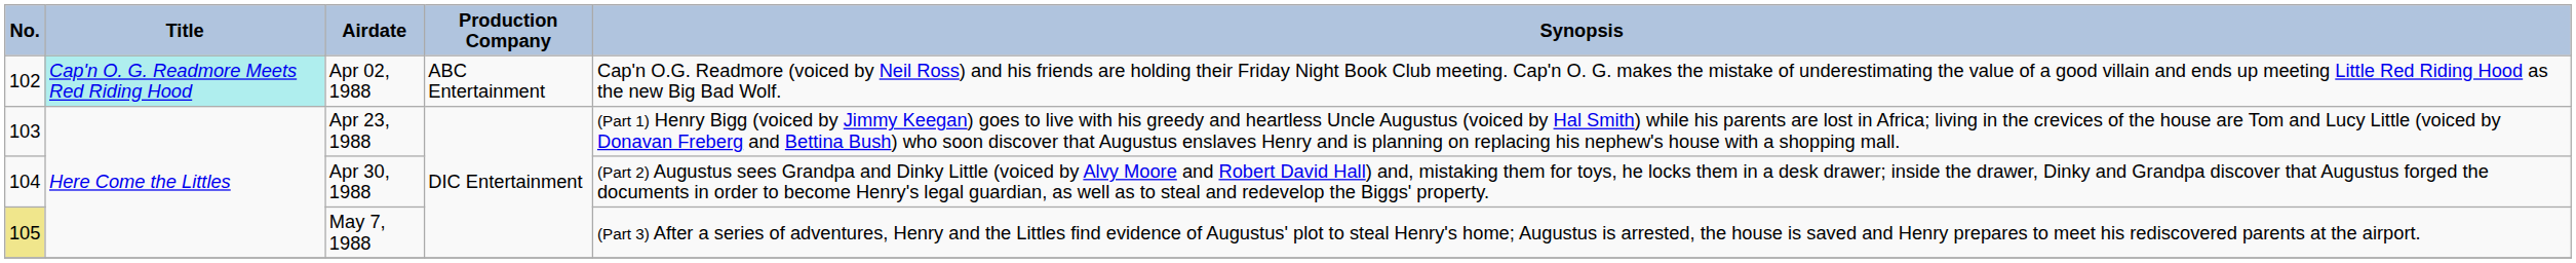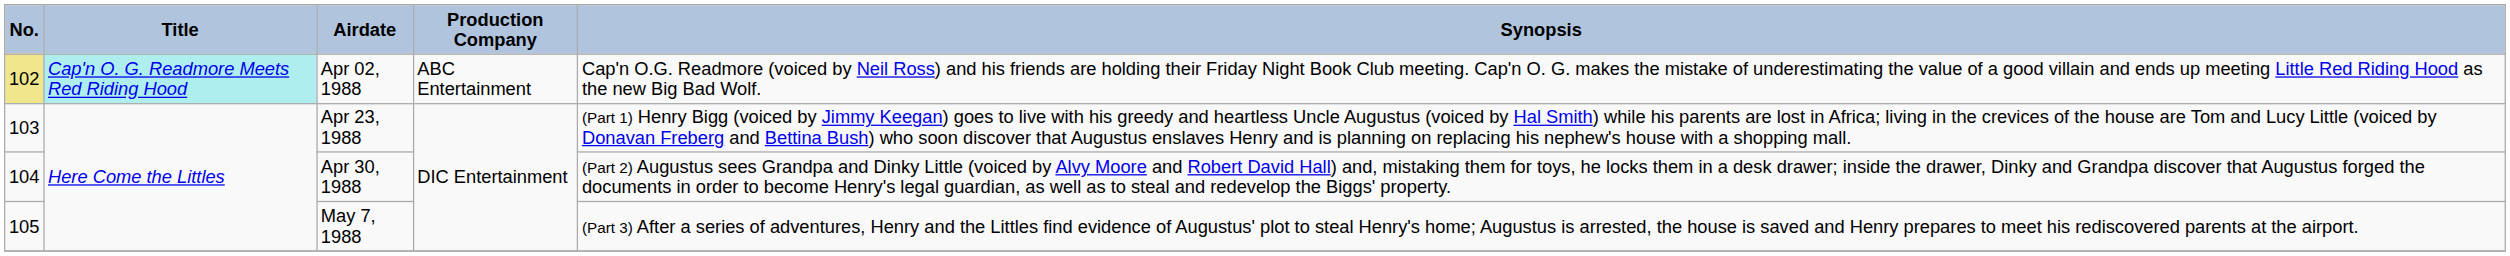 <table class="wikitable" style="font-size:90%;">
 <tr>
 <th style="background:#B0C4DE;">No.</th>
 <th style="background:#B0C4DE;">Title</th>
 <th style="background:#B0C4DE;">Airdate</th>
 <th style="background:#B0C4DE;">Production Company</th>
 <th style="background:#B0C4DE;">Synopsis</th>
 </tr>
 <tr>
-<td align="center">102</td>
+<td align="center" style="background: khaki;">102</td>
 <td style="background: paleturquoise;"><em><a href='#'>Cap'n O. G. Readmore Meets Red Riding Hood</a></em></td>
 <td>Apr 02, 1988</td>
 <td>ABC Entertainment</td>
 <td>Cap'n O.G. Readmore (voiced by <a href='#'>Neil Ross</a>) and his friends are holding their Friday Night Book Club meeting. Cap'n O. G. makes the mistake of underestimating the value of a good villain and ends up meeting <a href='#'>Little Red Riding Hood</a> as the new Big Bad Wolf.</td>
 </tr>
 <tr>
 <td align="center">103</td>
 <td rowspan="3"><em><a href='#'>Here Come the Littles</a></em></td>
 <td>Apr 23, 1988</td>
 <td rowspan=3>DIC Entertainment</td>
 <td><small>(Part 1)</small> Henry Bigg (voiced by <a href='#'>Jimmy Keegan</a>) goes to live with his greedy and heartless Uncle Augustus (voiced by <a href='#'>Hal Smith</a>) while his parents are lost in Africa; living in the crevices of the house are Tom and Lucy Little (voiced by <a href='#'>Donavan Freberg</a> and <a href='#'>Bettina Bush</a>) who soon discover that Augustus enslaves Henry and is planning on replacing his nephew's house with a shopping mall.</td>
 </tr>
 <tr>
 <td align="center">104</td>
 <td>Apr 30, 1988</td>
 <td><small>(Part 2)</small> Augustus sees Grandpa and Dinky Little (voiced by <a href='#'>Alvy Moore</a> and <a href='#'>Robert David Hall</a>) and, mistaking them for toys, he locks them in a desk drawer; inside the drawer, Dinky and Grandpa discover that Augustus forged the documents in order to become Henry's legal guardian, as well as to steal and redevelop the Biggs' property.</td>
 </tr>
 <tr>
-<td align="center" style="background: khaki;">105</td>
+<td align="center">105</td>
 <td>May 7, 1988</td>
 <td><small>(Part 3)</small> After a series of adventures, Henry and the Littles find evidence of Augustus' plot to steal Henry's home; Augustus is arrested, the house is saved and Henry prepares to meet his rediscovered parents at the airport.</td>
 </tr>
 <tr>
 </tr>
 </table>
